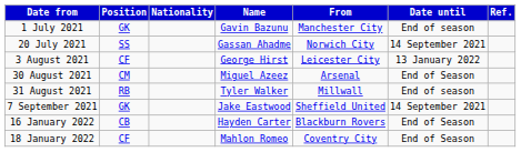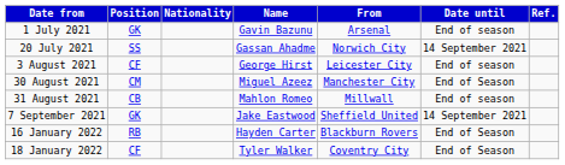 <table class="wikitable"  style="text-align:center; font-size:90%; ">
 <tr>
 <th style="background:mediumblue;color:white;">Date from</th>
 <th style="background:mediumblue;color:white;">Position</th>
 <th style="background:mediumblue;color:white;">Nationality</th>
 <th style="background:mediumblue;color:white;">Name</th>
 <th style="background:mediumblue;color:white;">From</th>
 <th style="background:mediumblue;color:white;">Date until</th>
 <th style="background:mediumblue;color:white;">Ref.</th>
 </tr>
 <tr>
 <td>1 July 2021</td>
 <td><a href='#'>GK</a></td>
 <td></td>
 <td><a href='#'>Gavin Bazunu</a></td>
-<td> <a href='#'>Manchester City</a></td>
+<td> <a href='#'>Arsenal</a></td>
 <td>End of season</td>
 <td></td>
 </tr>
 <tr>
 <td>20 July 2021</td>
 <td><a href='#'>SS</a></td>
 <td></td>
 <td><a href='#'>Gassan Ahadme</a></td>
 <td> <a href='#'>Norwich City</a></td>
 <td>14 September 2021</td>
 <td></td>
 </tr>
 <tr>
 <td>3 August 2021</td>
 <td><a href='#'>CF</a></td>
 <td></td>
 <td><a href='#'>George Hirst</a></td>
 <td> <a href='#'>Leicester City</a></td>
-<td>13 January 2022</td>
+<td>End of season</td>
 <td></td>
 </tr>
 <tr>
 <td>30 August 2021</td>
 <td><a href='#'>CM</a></td>
 <td></td>
 <td><a href='#'>Miguel Azeez</a></td>
-<td> <a href='#'>Arsenal</a></td>
+<td> <a href='#'>Manchester City</a></td>
 <td>End of Season</td>
 <td></td>
 </tr>
 <tr>
 <td>31 August 2021</td>
-<td><a href='#'>RB</a></td>
+<td><a href='#'>CB</a></td>
 <td></td>
-<td><a href='#'>Tyler Walker</a></td>
+<td><a href='#'>Mahlon Romeo</a></td>
 <td> <a href='#'>Millwall</a></td>
 <td>End of season</td>
 <td></td>
 </tr>
 <tr>
 <td>7 September 2021</td>
 <td><a href='#'>GK</a></td>
 <td></td>
 <td><a href='#'>Jake Eastwood</a></td>
 <td> <a href='#'>Sheffield United</a></td>
 <td>14 September 2021</td>
 <td></td>
 </tr>
 <tr>
 <td>16 January 2022</td>
-<td><a href='#'>CB</a></td>
+<td><a href='#'>RB</a></td>
 <td></td>
 <td><a href='#'>Hayden Carter</a></td>
 <td> <a href='#'>Blackburn Rovers</a></td>
 <td>End of Season</td>
 <td></td>
 </tr>
 <tr>
 <td>18 January 2022</td>
 <td><a href='#'>CF</a></td>
 <td></td>
-<td><a href='#'>Mahlon Romeo</a></td>
+<td><a href='#'>Tyler Walker</a></td>
 <td> <a href='#'>Coventry City</a></td>
 <td>End of Season</td>
 <td></td>
 </tr>
 </table>
